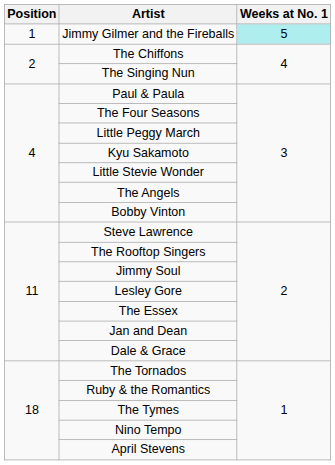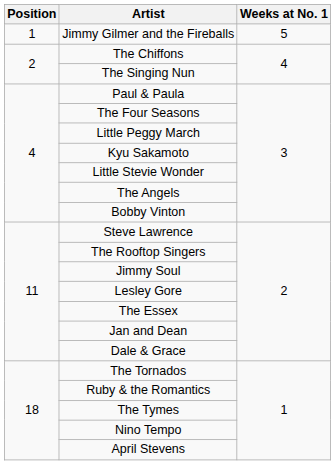 <table class="wikitable plainrowheaders" style="text-align:center;">
 <tr>
 <th>Position</th>
 <th>Artist</th>
 <th>Weeks at No. 1</th>
 </tr>
 <tr>
 <td>1</td>
 <td>Jimmy Gilmer and the Fireballs</td>
-<td style="background: paleturquoise;">5</td>
+<td>5</td>
 </tr>
 <tr>
 <td rowspan=2>2</td>
 <td>The Chiffons</td>
 <td rowspan=2>4</td>
 </tr>
 <tr>
 <td>The Singing Nun</td>
 </tr>
 <tr>
 <td rowspan=7>4</td>
 <td>Paul & Paula</td>
 <td rowspan=7>3</td>
 </tr>
 <tr>
 <td>The Four Seasons</td>
 </tr>
 <tr>
 <td>Little Peggy March</td>
 </tr>
 <tr>
 <td>Kyu Sakamoto</td>
 </tr>
 <tr>
 <td>Little Stevie Wonder</td>
 </tr>
 <tr>
 <td>The Angels</td>
 </tr>
 <tr>
 <td>Bobby Vinton</td>
 </tr>
 <tr>
 <td rowspan=7>11</td>
 <td>Steve Lawrence</td>
 <td rowspan=7>2</td>
 </tr>
 <tr>
 <td>The Rooftop Singers</td>
 </tr>
 <tr>
 <td>Jimmy Soul</td>
 </tr>
 <tr>
 <td>Lesley Gore</td>
 </tr>
 <tr>
 <td>The Essex</td>
 </tr>
 <tr>
 <td>Jan and Dean</td>
 </tr>
 <tr>
 <td>Dale & Grace</td>
 </tr>
 <tr>
 <td rowspan=5>18</td>
 <td>The Tornados</td>
 <td rowspan=5>1</td>
 </tr>
 <tr>
 <td>Ruby & the Romantics</td>
 </tr>
 <tr>
 <td>The Tymes</td>
 </tr>
 <tr>
 <td>Nino Tempo</td>
 </tr>
 <tr>
 <td>April Stevens</td>
 </tr>
 </table>
